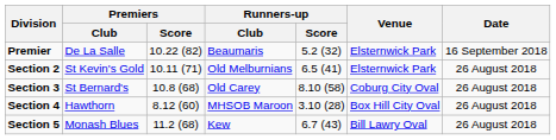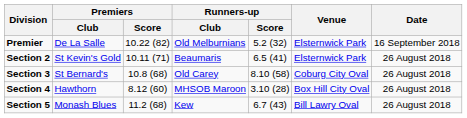 <table class="wikitable" style=text-align:center>
 <tr>
 <th rowspan=2>Division</th>
 <th colspan=2>Premiers</th>
 <th colspan=2>Runners-up</th>
 <th rowspan=2>Venue</th>
 <th rowspan=2 class=unsortable>Date</th>
 </tr>
 <tr>
 <th>Club</th>
 <th>Score</th>
 <th>Club</th>
 <th>Score</th>
 </tr>
 <tr>
 <td align="left"><strong>Premier</strong></td>
 <td align=left><a href='#'>De La Salle</a></td>
 <td>10.22 (82)</td>
-<td align=left><a href='#'>Beaumaris</a></td>
+<td align=left><a href='#'>Old Melburnians</a></td>
 <td>5.2 (32)</td>
 <td align=left><a href='#'>Elsternwick Park</a></td>
 <td>16 September 2018</td>
 </tr>
 <tr>
 <td align="left"><strong>Section 2</strong></td>
 <td align=left><a href='#'>St Kevin's Gold</a></td>
 <td>10.11 (71)</td>
-<td align=left><a href='#'>Old Melburnians</a></td>
+<td align=left><a href='#'>Beaumaris</a></td>
 <td>6.5 (41)</td>
 <td align=left><a href='#'>Elsternwick Park</a></td>
 <td>26 August 2018</td>
 </tr>
 <tr>
 <td align="left"><strong>Section 3</strong></td>
 <td align=left><a href='#'>St Bernard's</a></td>
 <td>10.8 (68)</td>
 <td align=left><a href='#'>Old Carey</a></td>
 <td>8.10 (58)</td>
 <td align=left><a href='#'>Coburg City Oval</a></td>
 <td>26 August 2018</td>
 </tr>
 <tr>
 <td align="left"><strong>Section 4</strong></td>
 <td align=left><a href='#'>Hawthorn</a></td>
 <td>8.12 (60)</td>
 <td align=left><a href='#'>MHSOB Maroon</a></td>
 <td>3.10 (28)</td>
 <td align=left><a href='#'>Box Hill City Oval</a></td>
 <td>26 August 2018</td>
 </tr>
 <tr>
 <td align="left"><strong>Section 5</strong></td>
 <td align=left><a href='#'>Monash Blues</a></td>
 <td>11.2 (68)</td>
 <td align=left><a href='#'>Kew</a></td>
 <td>6.7 (43)</td>
 <td align=left><a href='#'>Bill Lawry Oval</a></td>
 <td>26 August 2018</td>
 </tr>
 </table>
